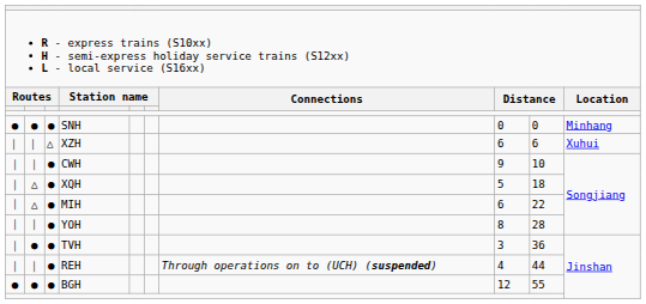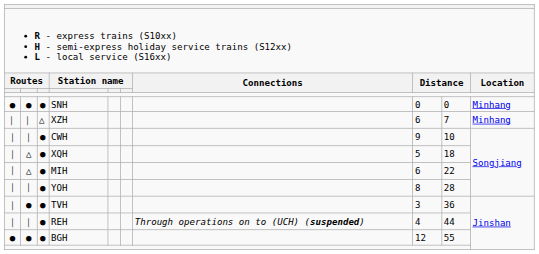 <table class="wikitable mw-collapsible" style="width: 60%">
 <tr>
 <th colspan="11" style="text-align:center; background:#"></th>
 </tr>
 <tr>
 <td colspan="10" style="text-align: left"><br><ul><li><strong>R</strong> - express trains (S10xx)</li><li><strong>H</strong> - semi-express holiday service trains (S12xx)</li><li><strong>L</strong> - local service (S16xx)</li></ul></td>
 </tr>
 <tr>
 <th colspan="3">Routes</th>
 <th colspan="3">Station name</th>
 <th rowspan="2">Connections</th>
 <th colspan="2" rowspan="2">Distance<br></th>
 <th rowspan="2">Location</th>
 </tr>
 <tr>
 <th></th>
 <th></th>
 <th></th>
 <th></th>
 <th></th>
 <th></th>
 </tr>
 <tr style="background:#">
 <td colspan = "10"></td>
 </tr>
 <tr>
 <td align="center">●</td>
 <td align="center">●</td>
 <td align="center">●</td>
 <td>SNH</td>
 <td></td>
 <td></td>
 <td>    </td>
 <td>0</td>
 <td>0</td>
 <td><a href='#'>Minhang</a></td>
 </tr>
 <tr>
 <td>｜</td>
 <td>｜</td>
 <td>△</td>
 <td>XZH</td>
 <td><em></em></td>
 <td><del></del></td>
 <td>   </td>
 <td>6</td>
-<td>6</td>
-<td><a href='#'>Xuhui</a></td>
+<td>7</td>
+<td><a href='#'>Minhang</a></td>
 </tr>
 <tr>
 <td align="center">｜</td>
 <td align="center">｜</td>
 <td align="center">●</td>
 <td>CWH</td>
 <td></td>
 <td></td>
 <td></td>
 <td>9</td>
 <td>10</td>
 <td rowspan="4"><a href='#'>Songjiang</a></td>
 </tr>
 <tr>
 <td align="center">｜</td>
 <td align="center">△</td>
 <td align="center">●</td>
 <td>XQH</td>
 <td></td>
 <td></td>
 <td></td>
 <td>5</td>
 <td>18</td>
 </tr>
 <tr>
 <td align="center">｜</td>
 <td align="center">△</td>
 <td align="center">●</td>
 <td>MIH</td>
 <td></td>
 <td></td>
 <td></td>
 <td>6</td>
 <td>22</td>
 </tr>
 <tr>
 <td align="center">｜</td>
 <td align="center">｜</td>
 <td align="center">●</td>
 <td>YOH</td>
 <td></td>
 <td></td>
 <td></td>
 <td>8</td>
 <td>28</td>
 </tr>
 <tr>
 <td align="center">｜</td>
 <td align="center">●</td>
 <td align="center">●</td>
 <td>TVH</td>
 <td></td>
 <td></td>
 <td></td>
 <td>3</td>
 <td>36</td>
 <td rowspan="5"><a href='#'>Jinshan</a></td>
 </tr>
 <tr>
 <td align="center">｜</td>
 <td align="center">｜</td>
 <td align="center">●</td>
 <td>REH</td>
 <td></td>
 <td></td>
 <td><em>Through operations on  to  (UCH) (<strong>suspended</strong>)</em></td>
 <td>4</td>
 <td>44<br></td>
 </tr>
 <tr>
 <td align="center">●</td>
 <td align="center">●</td>
 <td align="center">●</td>
 <td>BGH</td>
 <td></td>
 <td></td>
 <td></td>
 <td>12</td>
 <td>55<br></td>
 </tr>
 <tr style="background:#">
 <td colspan = "10"></td>
 </tr>
 </table>
